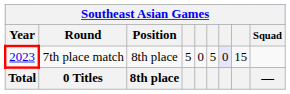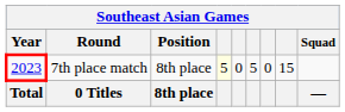 <table class="wikitable" style="text-align: center;">
 <tr bgcolor=#9acdff>
 <th colspan=9><a href='#'>Southeast Asian Games</a></th>
 </tr>
 <tr>
 <th>Year</th>
 <th>Round</th>
 <th>Position</th>
 <th></th>
 <th></th>
 <th></th>
 <th></th>
 <th></th>
 <th><small>Squad</small></th>
 </tr>
 <tr>
 <td style="border: 3px solid red"> <a href='#'>2023</a></td>
 <td>7th place match</td>
 <td>8th place</td>
+<td style="background: lightyellow;">5</td>
+<td>0</td>
 <td>5</td>
 <td>0</td>
-<td>5</td>
-<td style="background: lavender;">0</td>
 <td>15</td>
 </tr>
 <tr>
 <th>Total</th>
 <th>0 Titles</th>
 <th>8th place</th>
 <th></th>
 <th></th>
 <th></th>
 <th></th>
 <th></th>
 <th>—</th>
 </tr>
 </table>
